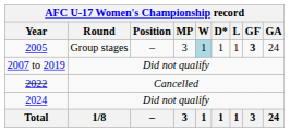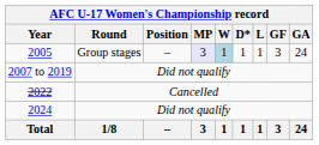 <table class="wikitable" style="text-align: center;">
 <tr>
 <th colspan=10><a href='#'>AFC U-17 Women's Championship</a> record</th>
 </tr>
 <tr>
 <th>Year</th>
 <th>Round</th>
 <th>Position</th>
 <th>MP</th>
 <th>W</th>
 <th>D*</th>
 <th>L</th>
 <th>GF</th>
 <th>GA</th>
 </tr>
 <tr>
 <td> <a href='#'>2005</a></td>
 <td>Group stages</td>
 <td>–</td>
-<td>3</td>
+<td style="background: lavender;">3</td>
 <td style="background: lightblue;">1</td>
 <td>1</td>
 <td>1</td>
-<td><strong>3</strong></td>
+<td>3</td>
 <td>24</td>
 </tr>
 <tr>
 <td> <a href='#'>2007</a> to  <a href='#'>2019</a></td>
 <td colspan=9><em>Did not qualify</em></td>
 </tr>
 <tr>
 <td><s><a href='#'>2022</a></s></td>
 <td colspan=9><em>Cancelled</em></td>
 </tr>
 <tr>
 <td> <a href='#'>2024</a></td>
 <td colspan=9><em>Did not qualify</em></td>
 </tr>
 <tr>
 <th>Total</th>
 <th>1/8</th>
 <th>–</th>
 <th>3</th>
 <th>1</th>
 <th>1</th>
 <th>1</th>
 <th>3</th>
 <th>24</th>
 </tr>
 </table>
